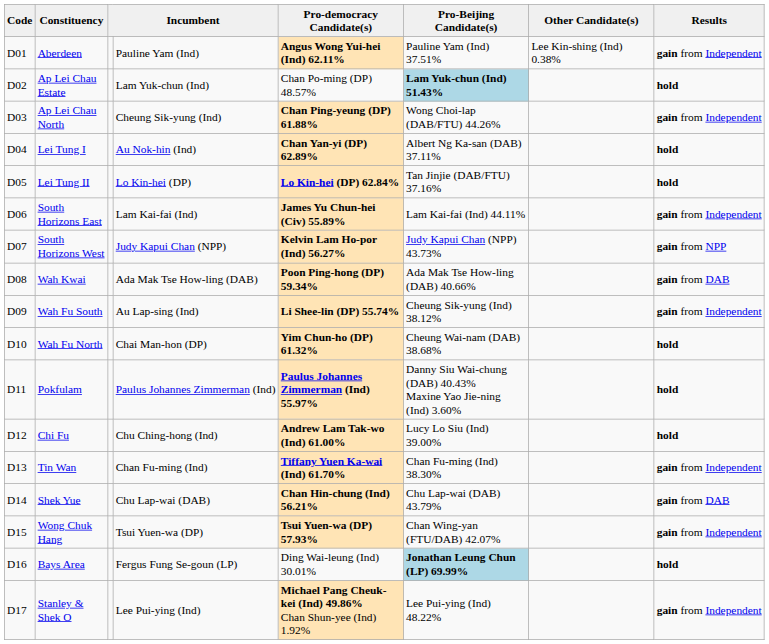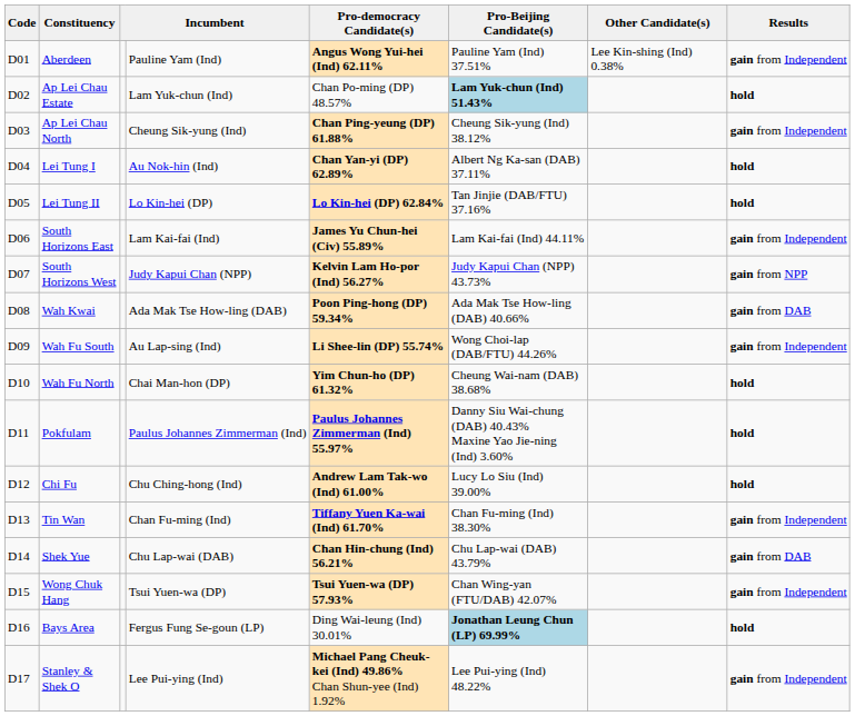 <table class="wikitable sortable" style="font-size: 95%;">
 <tr>
 <th align="center" style="background:#f0f0f0;" width="20px">Code</th>
 <th align="center" style="background:#f0f0f0;" width="90px">Constituency</th>
 <th align="center" style="background:#f0f0f0;" width="120px" colspan=2>Incumbent</th>
 <th align="center" style="background:#f0f0f0;" width="160px">Pro-democracy Candidate(s)</th>
 <th align="center" style="background:#f0f0f0;" width="160px">Pro-Beijing Candidate(s)</th>
 <th align="center" style="background:#f0f0f0;" width="160px">Other Candidate(s)</th>
 <th align="center" style="background:#f0f0f0;" width="100px" colspan="2">Results</th>
 </tr>
 <tr>
 <td>D01</td>
 <td><a href='#'>Aberdeen</a></td>
 <td></td>
 <td>Pauline Yam (Ind)</td>
 <td style="background-color:Moccasin"><strong>Angus Wong Yui-hei (Ind)</strong> <strong>62.11%</strong></td>
 <td>Pauline Yam (Ind) 37.51%</td>
 <td>Lee Kin-shing (Ind) 0.38%</td>
 <td> <strong>gain</strong> from <a href='#'>Independent</a></td>
 </tr>
 <tr>
 <td>D02</td>
 <td><a href='#'>Ap Lei Chau Estate</a></td>
 <td></td>
 <td>Lam Yuk-chun (Ind)</td>
 <td>Chan Po-ming (DP) 48.57%</td>
 <td style="background-color:LightBlue"><strong>Lam Yuk-chun (Ind) 51.43%</strong></td>
 <td></td>
 <td> <strong>hold</strong></td>
 </tr>
 <tr>
 <td>D03</td>
 <td><a href='#'>Ap Lei Chau North</a></td>
 <td></td>
 <td>Cheung Sik-yung (Ind)</td>
 <td style="background-color:Moccasin"><strong>Chan Ping-yeung (DP) 61.88%</strong></td>
-<td>Wong Choi-lap (DAB/FTU) 44.26%</td>
+<td>Cheung Sik-yung (Ind) 38.12%</td>
 <td></td>
 <td> <strong>gain</strong> from <a href='#'>Independent</a></td>
 </tr>
 <tr>
 <td>D04</td>
 <td><a href='#'>Lei Tung I</a></td>
 <td></td>
 <td><a href='#'>Au Nok-hin</a> (Ind)</td>
 <td style="background-color:Moccasin"><strong>Chan Yan-yi (DP) 62.89%</strong></td>
 <td>Albert Ng Ka-san (DAB) 37.11%</td>
 <td></td>
 <td> <strong>hold</strong></td>
 </tr>
 <tr>
 <td>D05</td>
 <td><a href='#'>Lei Tung II</a></td>
 <td></td>
 <td><a href='#'>Lo Kin-hei</a> (DP)</td>
 <td style="background-color:Moccasin"><strong><a href='#'>Lo Kin-hei</a> (DP) 62.84%</strong></td>
 <td>Tan Jinjie (DAB/FTU) 37.16%</td>
 <td></td>
 <td> <strong>hold</strong></td>
 </tr>
 <tr>
 <td>D06</td>
 <td><a href='#'>South Horizons East</a></td>
 <td></td>
 <td>Lam Kai-fai (Ind)</td>
 <td style="background-color:Moccasin"><strong>James Yu Chun-hei (Civ) 55.89%</strong></td>
 <td>Lam Kai-fai (Ind) 44.11%</td>
 <td></td>
 <td> <strong>gain</strong> from <a href='#'>Independent</a></td>
 </tr>
 <tr>
 <td>D07</td>
 <td><a href='#'>South Horizons West</a></td>
 <td></td>
 <td><a href='#'>Judy Kapui Chan</a> (NPP)</td>
 <td style="background-color:Moccasin"><strong>Kelvin Lam Ho-por (Ind) 56.27%</strong></td>
 <td><a href='#'>Judy Kapui Chan</a> (NPP) 43.73%</td>
 <td></td>
 <td> <strong>gain</strong> from <a href='#'>NPP</a></td>
 </tr>
 <tr>
 <td>D08</td>
 <td><a href='#'>Wah Kwai</a></td>
 <td></td>
 <td>Ada Mak Tse How-ling (DAB)</td>
 <td style="background-color:Moccasin"><strong>Poon Ping-hong (DP) 59.34%</strong></td>
 <td>Ada Mak Tse How-ling (DAB) 40.66%</td>
 <td></td>
 <td> <strong>gain</strong> from <a href='#'>DAB</a></td>
 </tr>
 <tr>
 <td>D09</td>
 <td><a href='#'>Wah Fu South</a></td>
 <td></td>
 <td>Au Lap-sing (Ind)</td>
 <td style="background-color:Moccasin"><strong>Li Shee-lin (DP) 55.74%</strong></td>
-<td>Cheung Sik-yung (Ind) 38.12%</td>
+<td>Wong Choi-lap (DAB/FTU) 44.26%</td>
 <td></td>
 <td> <strong>gain</strong> from <a href='#'>Independent</a></td>
 </tr>
 <tr>
 <td>D10</td>
 <td><a href='#'>Wah Fu North</a></td>
 <td></td>
 <td>Chai Man-hon (DP)</td>
 <td style="background-color:Moccasin"><strong>Yim Chun-ho (DP) 61.32%</strong></td>
 <td>Cheung Wai-nam (DAB) 38.68%</td>
 <td></td>
 <td> <strong>hold</strong></td>
 </tr>
 <tr>
 <td>D11</td>
 <td><a href='#'>Pokfulam</a></td>
 <td></td>
 <td><a href='#'>Paulus Johannes Zimmerman</a> (Ind)</td>
 <td style="background-color:Moccasin"><strong><a href='#'>Paulus Johannes Zimmerman</a> (Ind) 55.97%</strong></td>
 <td>Danny Siu Wai-chung (DAB) 40.43%<br>Maxine Yao Jie-ning (Ind) 3.60%</td>
 <td></td>
 <td> <strong>hold</strong></td>
 </tr>
 <tr>
 <td>D12</td>
 <td><a href='#'>Chi Fu</a></td>
 <td></td>
 <td>Chu Ching-hong (Ind)</td>
 <td style="background-color:Moccasin"><strong>Andrew Lam Tak-wo (Ind)</strong> <strong>61.00%</strong></td>
 <td>Lucy Lo Siu (Ind) 39.00%</td>
 <td></td>
 <td> <strong>hold</strong></td>
 </tr>
 <tr>
 <td>D13</td>
 <td><a href='#'>Tin Wan</a></td>
 <td></td>
 <td>Chan Fu-ming (Ind)</td>
 <td style="background-color:Moccasin"><strong><a href='#'>Tiffany Yuen Ka-wai</a> (Ind) 61.70%</strong></td>
 <td>Chan Fu-ming (Ind) 38.30%</td>
 <td></td>
 <td> <strong>gain</strong> from <a href='#'>Independent</a></td>
 </tr>
 <tr>
 <td>D14</td>
 <td><a href='#'>Shek Yue</a></td>
 <td></td>
 <td>Chu Lap-wai (DAB)</td>
 <td style="background-color:Moccasin"><strong>Chan Hin-chung (Ind) 56.21%</strong></td>
 <td>Chu Lap-wai (DAB) 43.79%</td>
 <td></td>
 <td> <strong>gain</strong> from <a href='#'>DAB</a></td>
 </tr>
 <tr>
 <td>D15</td>
 <td><a href='#'>Wong Chuk Hang</a></td>
 <td></td>
 <td>Tsui Yuen-wa (DP)</td>
 <td style="background-color:Moccasin"><strong>Tsui Yuen-wa (DP) 57.93%</strong></td>
 <td>Chan Wing-yan (FTU/DAB) 42.07%</td>
 <td></td>
 <td> <strong>gain</strong> from <a href='#'>Independent</a></td>
 </tr>
 <tr>
 <td>D16</td>
 <td><a href='#'>Bays Area</a></td>
 <td></td>
 <td>Fergus Fung Se-goun (LP)</td>
 <td>Ding Wai-leung (Ind) 30.01%</td>
 <td style="background-color:LightBlue"><strong>Jonathan Leung Chun (LP) 69.99%</strong></td>
 <td></td>
 <td> <strong>hold</strong></td>
 </tr>
 <tr>
 <td>D17</td>
 <td><a href='#'>Stanley & Shek O</a></td>
 <td></td>
 <td>Lee Pui-ying (Ind)</td>
 <td style="background-color:Moccasin"><strong>Michael Pang Cheuk-kei (Ind) 49.86%</strong><br>Chan Shun-yee (Ind) 1.92%</td>
 <td>Lee Pui-ying (Ind) 48.22%</td>
 <td></td>
 <td> <strong>gain</strong> from <a href='#'>Independent</a></td>
 </tr>
 </table>
